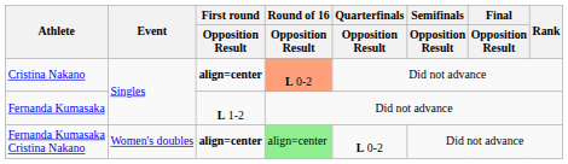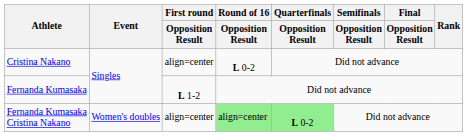 <table class="wikitable" style="font-size:90%">
 <tr>
 <th rowspan="2">Athlete</th>
 <th rowspan="2">Event</th>
 <th>First round</th>
 <th>Round of 16</th>
 <th>Quarterfinals</th>
 <th>Semifinals</th>
 <th>Final</th>
 <th rowspan="2">Rank</th>
 </tr>
 <tr>
 <th>Opposition<br>Result</th>
 <th>Opposition<br>Result</th>
 <th>Opposition<br>Result</th>
 <th>Opposition<br>Result</th>
 <th>Opposition<br>Result</th>
 </tr>
 <tr>
 <td><a href='#'>Cristina Nakano</a></td>
 <td rowspan=2><a href='#'>Singles</a></td>
-<td><strong>align=center </strong></td>
-<td align=center style="background: lightsalmon;"><br><strong>L</strong> 0-2</td>
+<td>align=center </td>
+<td align=center><br><strong>L</strong> 0-2</td>
 <td align=center colspan=4>Did not advance</td>
 </tr>
 <tr>
 <td><a href='#'>Fernanda Kumasaka</a></td>
 <td align=center><br><strong>L</strong> 1-2</td>
 <td align=center colspan=5>Did not advance</td>
 </tr>
 <tr>
 <td><a href='#'>Fernanda Kumasaka</a><br><a href='#'>Cristina Nakano</a></td>
 <td rowspan=2><a href='#'>Women's doubles</a></td>
-<td><strong>align=center </strong></td>
+<td>align=center </td>
 <td style="background: lightgreen;">align=center </td>
-<td align=center><br><strong>L</strong> 0-2</td>
+<td align=center style="background: lightgreen;"><br><strong>L</strong> 0-2</td>
 <td align=center colspan=3>Did not advance</td>
 </tr>
 </table>
